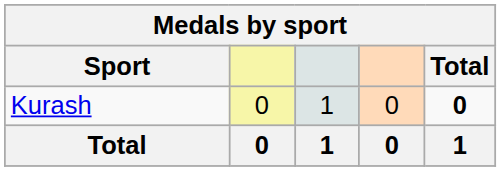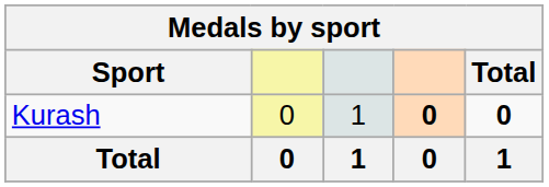 <table class="wikitable" style="font-size:90%; text-align:center;">
 <tr>
 <th colspan=5>Medals by sport</th>
 </tr>
 <tr>
 <th width=120>Sport</th>
 <th scope="col" width=30 style="background:#F7F6A8;"></th>
 <th scope="col" width=30 style="background:#DCE5E5;"></th>
 <th scope="col" width=30 style="background:#FFDAB9;"></th>
 <th width=30>Total</th>
 </tr>
 <tr>
 <td align=left> <a href='#'>Kurash</a></td>
 <td style="background:#F7F6A8;">0</td>
 <td style="background:#DCE5E5;">1</td>
-<td style="background:#FFDAB9;">0</td>
+<td style="background:#FFDAB9;"><strong>0</strong></td>
 <td><strong>0</strong></td>
 </tr>
 <tr class="sortbottom">
 <th>Total</th>
 <th>0</th>
 <th>1</th>
 <th>0</th>
 <th>1</th>
 </tr>
 </table>
